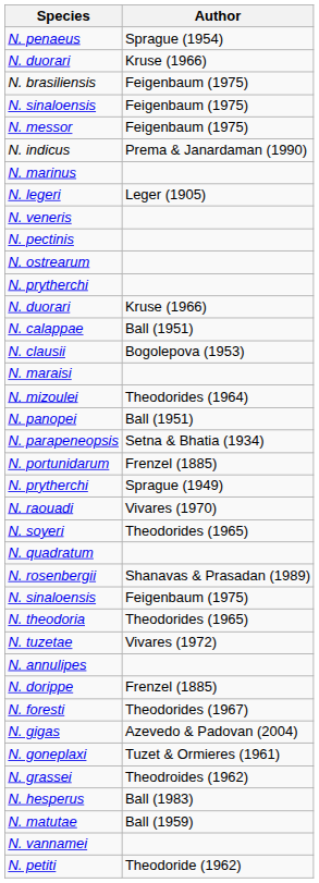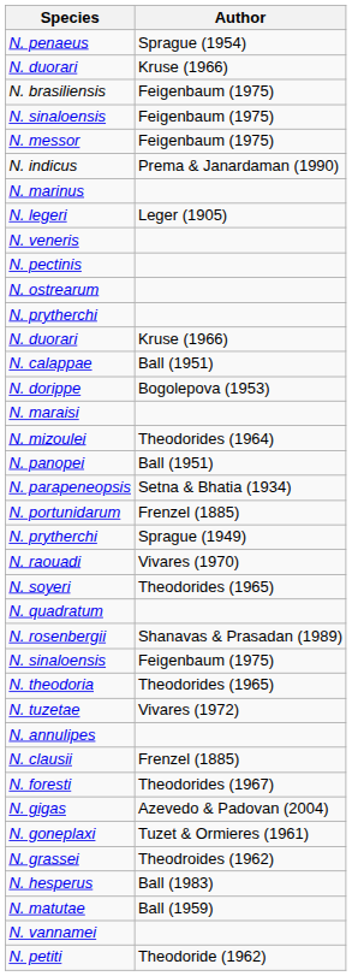 <table class="wikitable">
 <tr>
 <th>Species</th>
 <th>Author</th>
 </tr>
 <tr>
 <td><em><a href='#'>N. penaeus</a></em></td>
 <td>Sprague (1954)</td>
 </tr>
 <tr>
 <td><em><a href='#'>N. duorari</a></em></td>
 <td>Kruse (1966)</td>
 </tr>
 <tr>
 <td><em>N. brasiliensis</em></td>
 <td>Feigenbaum (1975)</td>
 </tr>
 <tr>
 <td><em><a href='#'>N. sinaloensis</a></em></td>
 <td>Feigenbaum (1975)</td>
 </tr>
 <tr>
 <td><em><a href='#'>N. messor</a></em></td>
 <td>Feigenbaum (1975)</td>
 </tr>
 <tr>
 <td><em>N. indicus</em></td>
 <td>Prema & Janardaman (1990)</td>
 </tr>
 <tr>
 <td><em><a href='#'>N. marinus</a></em></td>
 <td></td>
 </tr>
 <tr>
 <td><em><a href='#'>N. legeri</a></em></td>
 <td>Leger (1905)</td>
 </tr>
 <tr>
 <td><em><a href='#'>N. veneris</a></em></td>
 <td></td>
 </tr>
 <tr>
 <td><em><a href='#'>N. pectinis</a></em></td>
 <td></td>
 </tr>
 <tr>
 <td><em><a href='#'>N. ostrearum</a></em></td>
 <td></td>
 </tr>
 <tr>
 <td><em><a href='#'>N. prytherchi</a></em></td>
 <td></td>
 </tr>
 <tr>
 <td><em><a href='#'>N. duorari</a></em></td>
 <td>Kruse (1966)</td>
 </tr>
 <tr>
 <td><em><a href='#'>N. calappae</a></em></td>
 <td>Ball (1951)</td>
 </tr>
 <tr>
-<td><em><a href='#'>N. clausii</a></em></td>
+<td><em><a href='#'>N. dorippe</a></em></td>
 <td>Bogolepova (1953)</td>
 </tr>
 <tr>
 <td><em><a href='#'>N. maraisi</a></em></td>
 <td></td>
 </tr>
 <tr>
 <td><em><a href='#'>N. mizoulei</a></em></td>
 <td>Theodorides (1964)</td>
 </tr>
 <tr>
 <td><em><a href='#'>N. panopei</a></em></td>
 <td>Ball (1951)</td>
 </tr>
 <tr>
 <td><em><a href='#'>N. parapeneopsis</a></em></td>
 <td>Setna & Bhatia (1934)</td>
 </tr>
 <tr>
 <td><em><a href='#'>N. portunidarum</a></em></td>
 <td>Frenzel (1885)</td>
 </tr>
 <tr>
 <td><em><a href='#'>N. prytherchi</a></em></td>
 <td>Sprague (1949)</td>
 </tr>
 <tr>
 <td><em><a href='#'>N. raouadi</a></em></td>
 <td>Vivares (1970)</td>
 </tr>
 <tr>
 <td><em><a href='#'>N. soyeri</a></em></td>
 <td>Theodorides (1965)</td>
 </tr>
 <tr>
 <td><em><a href='#'>N. quadratum</a></em></td>
 <td></td>
 </tr>
 <tr>
 <td><em><a href='#'>N. rosenbergii</a></em></td>
 <td>Shanavas & Prasadan (1989)</td>
 </tr>
 <tr>
 <td><em><a href='#'>N. sinaloensis</a></em></td>
 <td>Feigenbaum (1975)</td>
 </tr>
 <tr>
 <td><em><a href='#'>N. theodoria</a></em></td>
 <td>Theodorides (1965)</td>
 </tr>
 <tr>
 <td><em><a href='#'>N. tuzetae</a></em></td>
 <td>Vivares (1972)</td>
 </tr>
 <tr>
 <td><em><a href='#'>N. annulipes</a></em></td>
 <td></td>
 </tr>
 <tr>
-<td><em><a href='#'>N. dorippe</a></em></td>
+<td><em><a href='#'>N. clausii</a></em></td>
 <td>Frenzel (1885)</td>
 </tr>
 <tr>
 <td><em><a href='#'>N. foresti</a></em></td>
 <td>Theodorides (1967)</td>
 </tr>
 <tr>
 <td><em><a href='#'>N. gigas</a></em></td>
 <td>Azevedo & Padovan (2004)</td>
 </tr>
 <tr>
 <td><em><a href='#'>N. goneplaxi</a></em></td>
 <td>Tuzet & Ormieres (1961)</td>
 </tr>
 <tr>
 <td><em><a href='#'>N. grassei</a></em></td>
 <td>Theodroides (1962)</td>
 </tr>
 <tr>
 <td><em><a href='#'>N. hesperus</a></em></td>
 <td>Ball (1983)</td>
 </tr>
 <tr>
 <td><em><a href='#'>N. matutae</a></em></td>
 <td>Ball (1959)</td>
 </tr>
 <tr>
 <td><em><a href='#'>N. vannamei</a></em></td>
 <td></td>
 </tr>
 <tr>
 <td><em><a href='#'>N. petiti</a></em></td>
 <td>Theodoride (1962)</td>
 </tr>
 </table>
